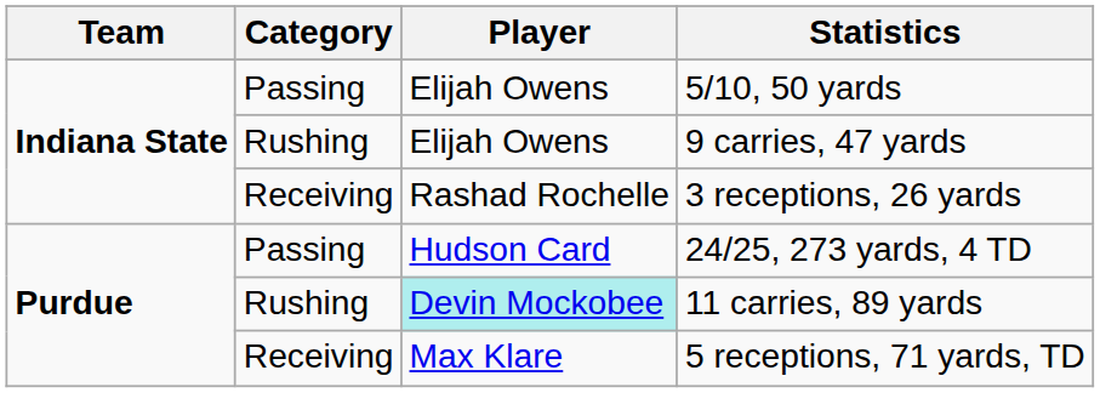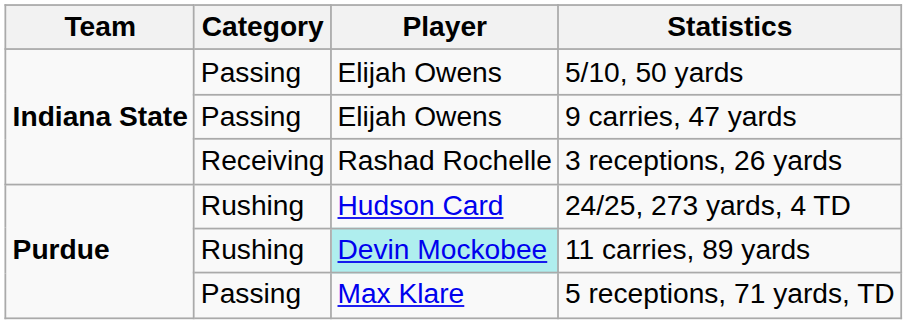 <table class="wikitable" style="float: right;">
 <tr>
 <th>Team</th>
 <th>Category</th>
 <th>Player</th>
 <th>Statistics</th>
 </tr>
 <tr>
 <td rowspan=3><strong>Indiana State</strong></td>
 <td>Passing</td>
 <td>Elijah Owens</td>
 <td>5/10, 50 yards</td>
 </tr>
 <tr>
-<td>Rushing</td>
+<td>Passing</td>
 <td>Elijah Owens</td>
 <td>9 carries, 47 yards</td>
 </tr>
 <tr>
 <td>Receiving</td>
 <td>Rashad Rochelle</td>
 <td>3 receptions, 26 yards</td>
 </tr>
 <tr>
 <td rowspan=3><strong>Purdue</strong></td>
-<td>Passing</td>
+<td>Rushing</td>
 <td><a href='#'>Hudson Card</a></td>
 <td>24/25, 273 yards, 4 TD</td>
 </tr>
 <tr>
 <td>Rushing</td>
 <td style="background: paleturquoise;"><a href='#'>Devin Mockobee</a></td>
 <td>11 carries, 89 yards</td>
 </tr>
 <tr>
-<td>Receiving</td>
+<td>Passing</td>
 <td><a href='#'>Max Klare</a></td>
 <td>5 receptions, 71 yards, TD</td>
 </tr>
 </table>
